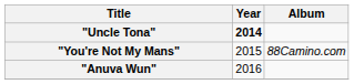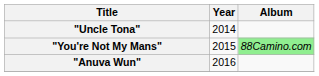 <table class="wikitable plainrowheaders" style="text-align:center;">
 <tr>
 <th scope="col" style="width:19em;">Title</th>
 <th scope="col">Year</th>
 <th scope="col">Album</th>
 </tr>
 <tr>
 <th scope="row">"Uncle Tona" </th>
-<td><strong>2014</strong></td>
+<td>2014</td>
 <td></td>
 </tr>
 <tr>
 <th scope="row">"You're Not My Mans" </th>
 <td>2015</td>
-<td><em>88Camino.com</em></td>
+<td style="background: lightgreen;"><em>88Camino.com</em></td>
 </tr>
 <tr>
 <th scope="row">"Anuva Wun" </th>
 <td>2016</td>
 <td></td>
 </tr>
 <tr>
 </tr>
 </table>
